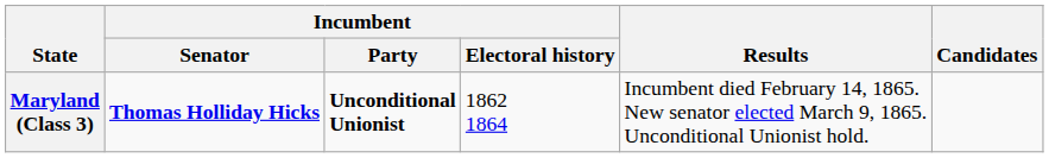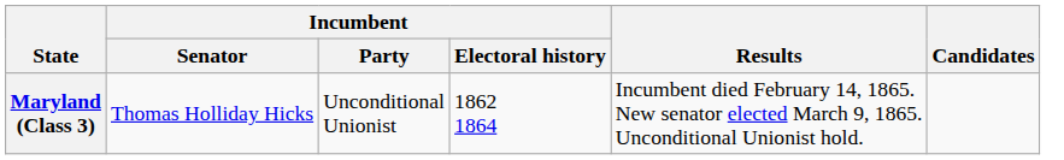 <table class="wikitable">
 <tr valign="bottom">
 <th rowspan="2">State</th>
 <th colspan="3">Incumbent</th>
 <th rowspan="2">Results</th>
 <th rowspan="2">Candidates</th>
 </tr>
 <tr valign="bottom">
 <th>Senator</th>
 <th>Party</th>
 <th>Electoral history</th>
 </tr>
 <tr>
 <th><a href='#'>Maryland</a><br>(Class 3)</th>
-<td><strong><a href='#'>Thomas Holliday Hicks</a></strong></td>
-<td><strong>Unconditional<br>Unionist</strong></td>
+<td><a href='#'>Thomas Holliday Hicks</a></td>
+<td>Unconditional<br>Unionist</td>
 <td norwap>1862 <br><a href='#'>1864 </a></td>
 <td>Incumbent died February 14, 1865.<br>New senator <a href='#'>elected</a> March 9, 1865.<br> Unconditional Unionist hold.</td>
 <td nowrap=""></td>
 </tr>
 </table>
